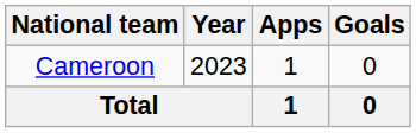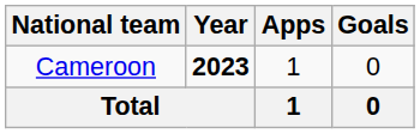 <table class="wikitable" style="text-align:center">
 <tr>
 <th>National team</th>
 <th>Year</th>
 <th>Apps</th>
 <th>Goals</th>
 </tr>
 <tr>
 <td rowspan="1"><a href='#'>Cameroon</a></td>
-<td>2023</td>
+<td><strong>2023</strong></td>
 <td>1</td>
 <td>0</td>
 </tr>
 <tr>
 <th colspan="2">Total</th>
 <th>1</th>
 <th>0</th>
 </tr>
 </table>
